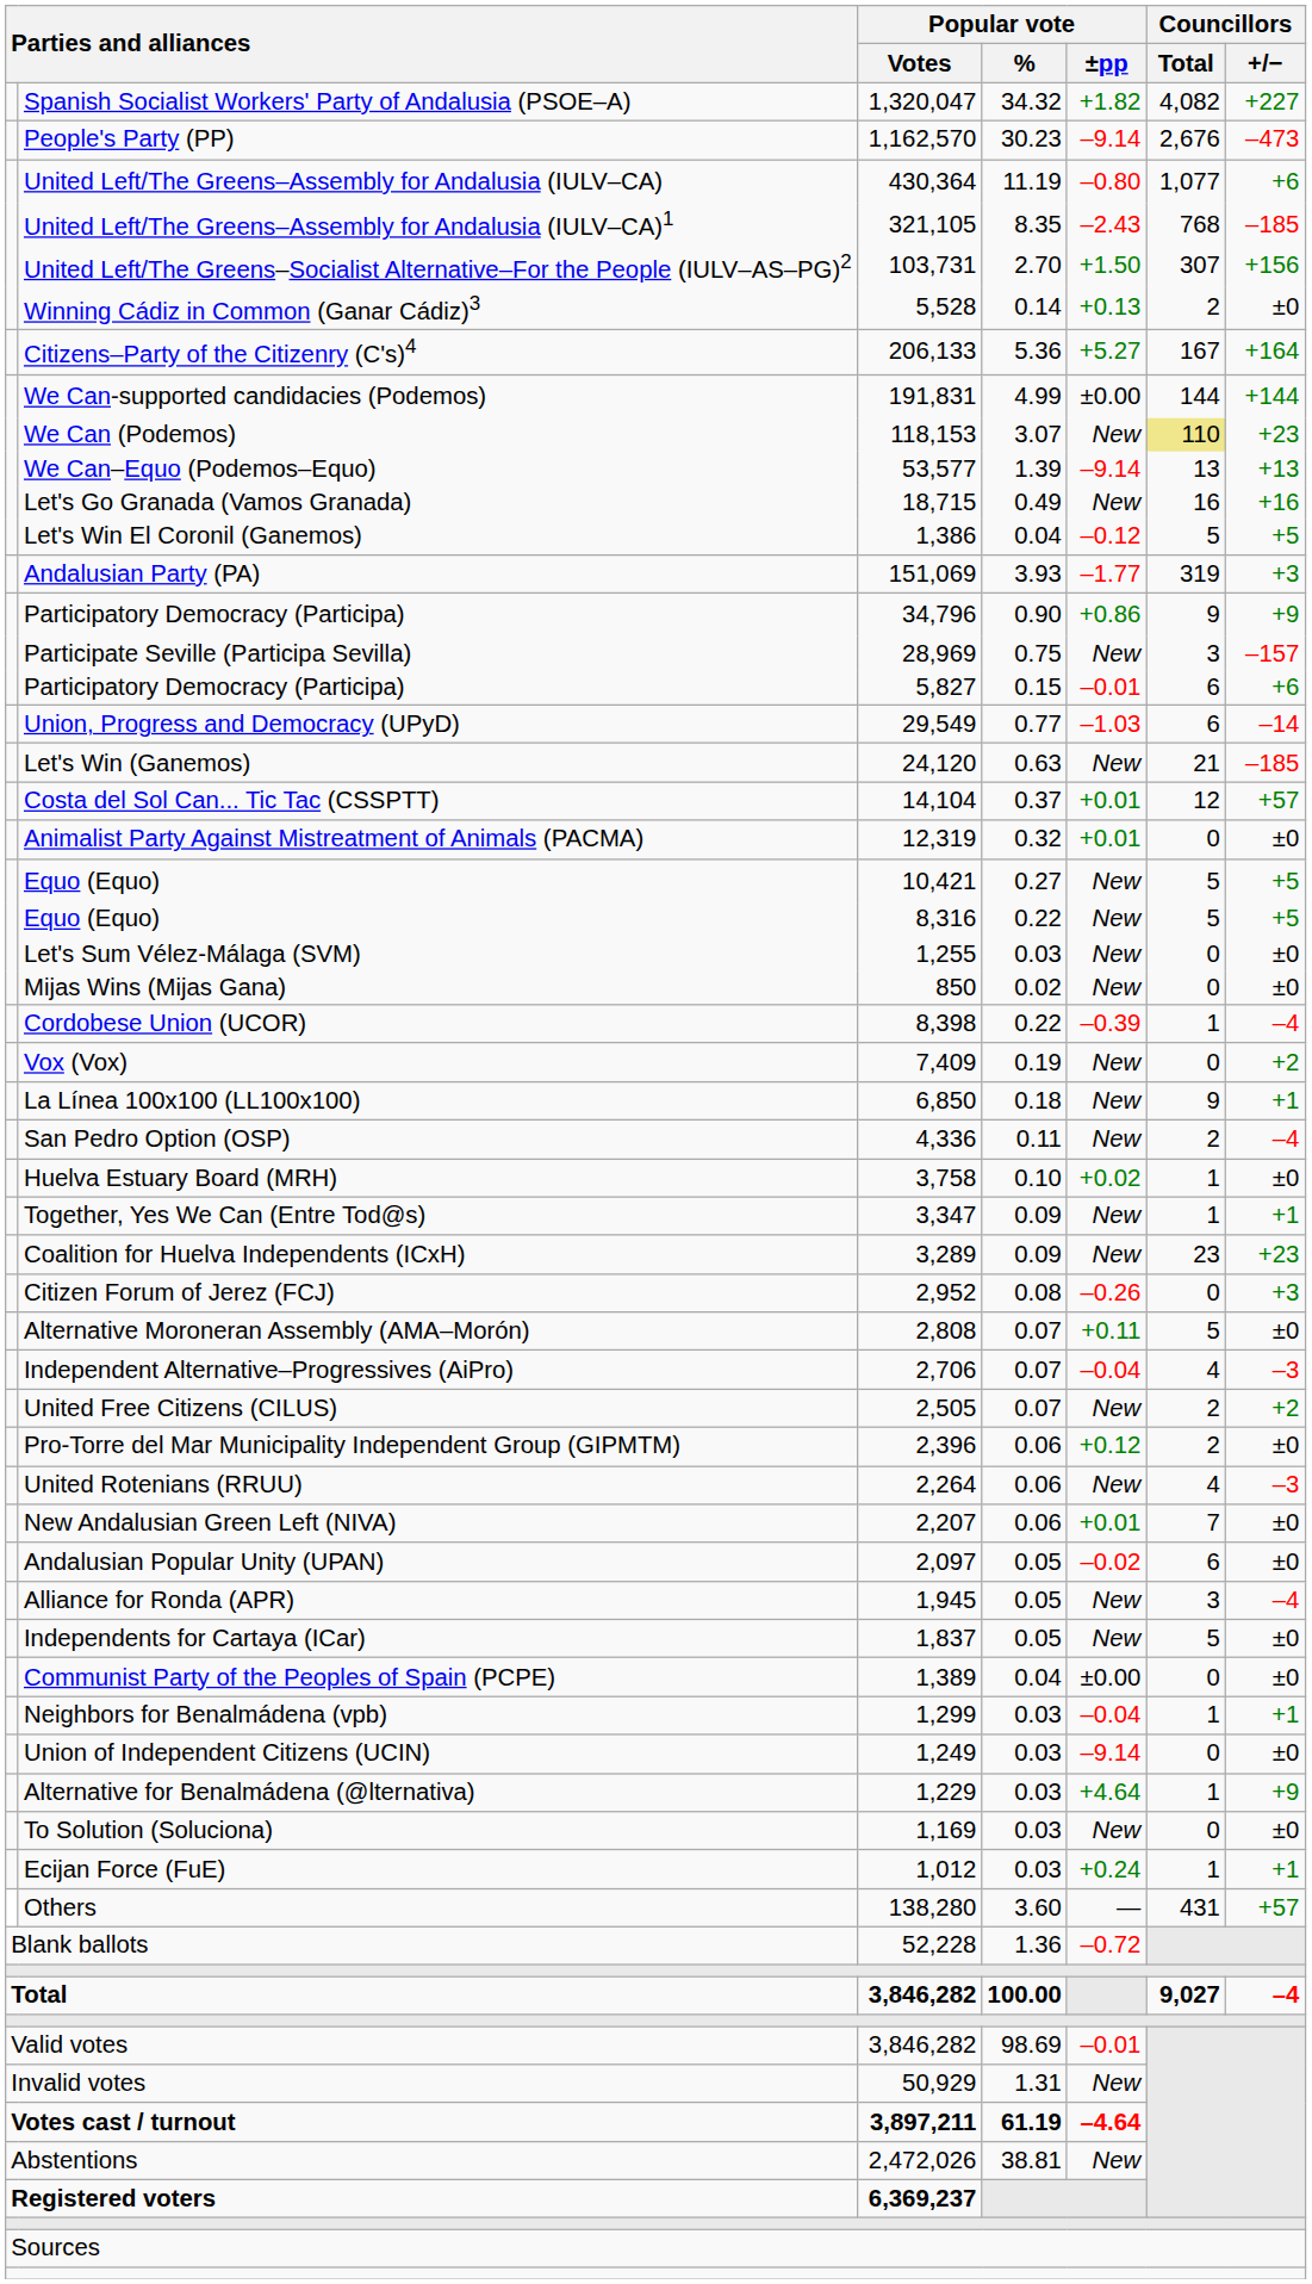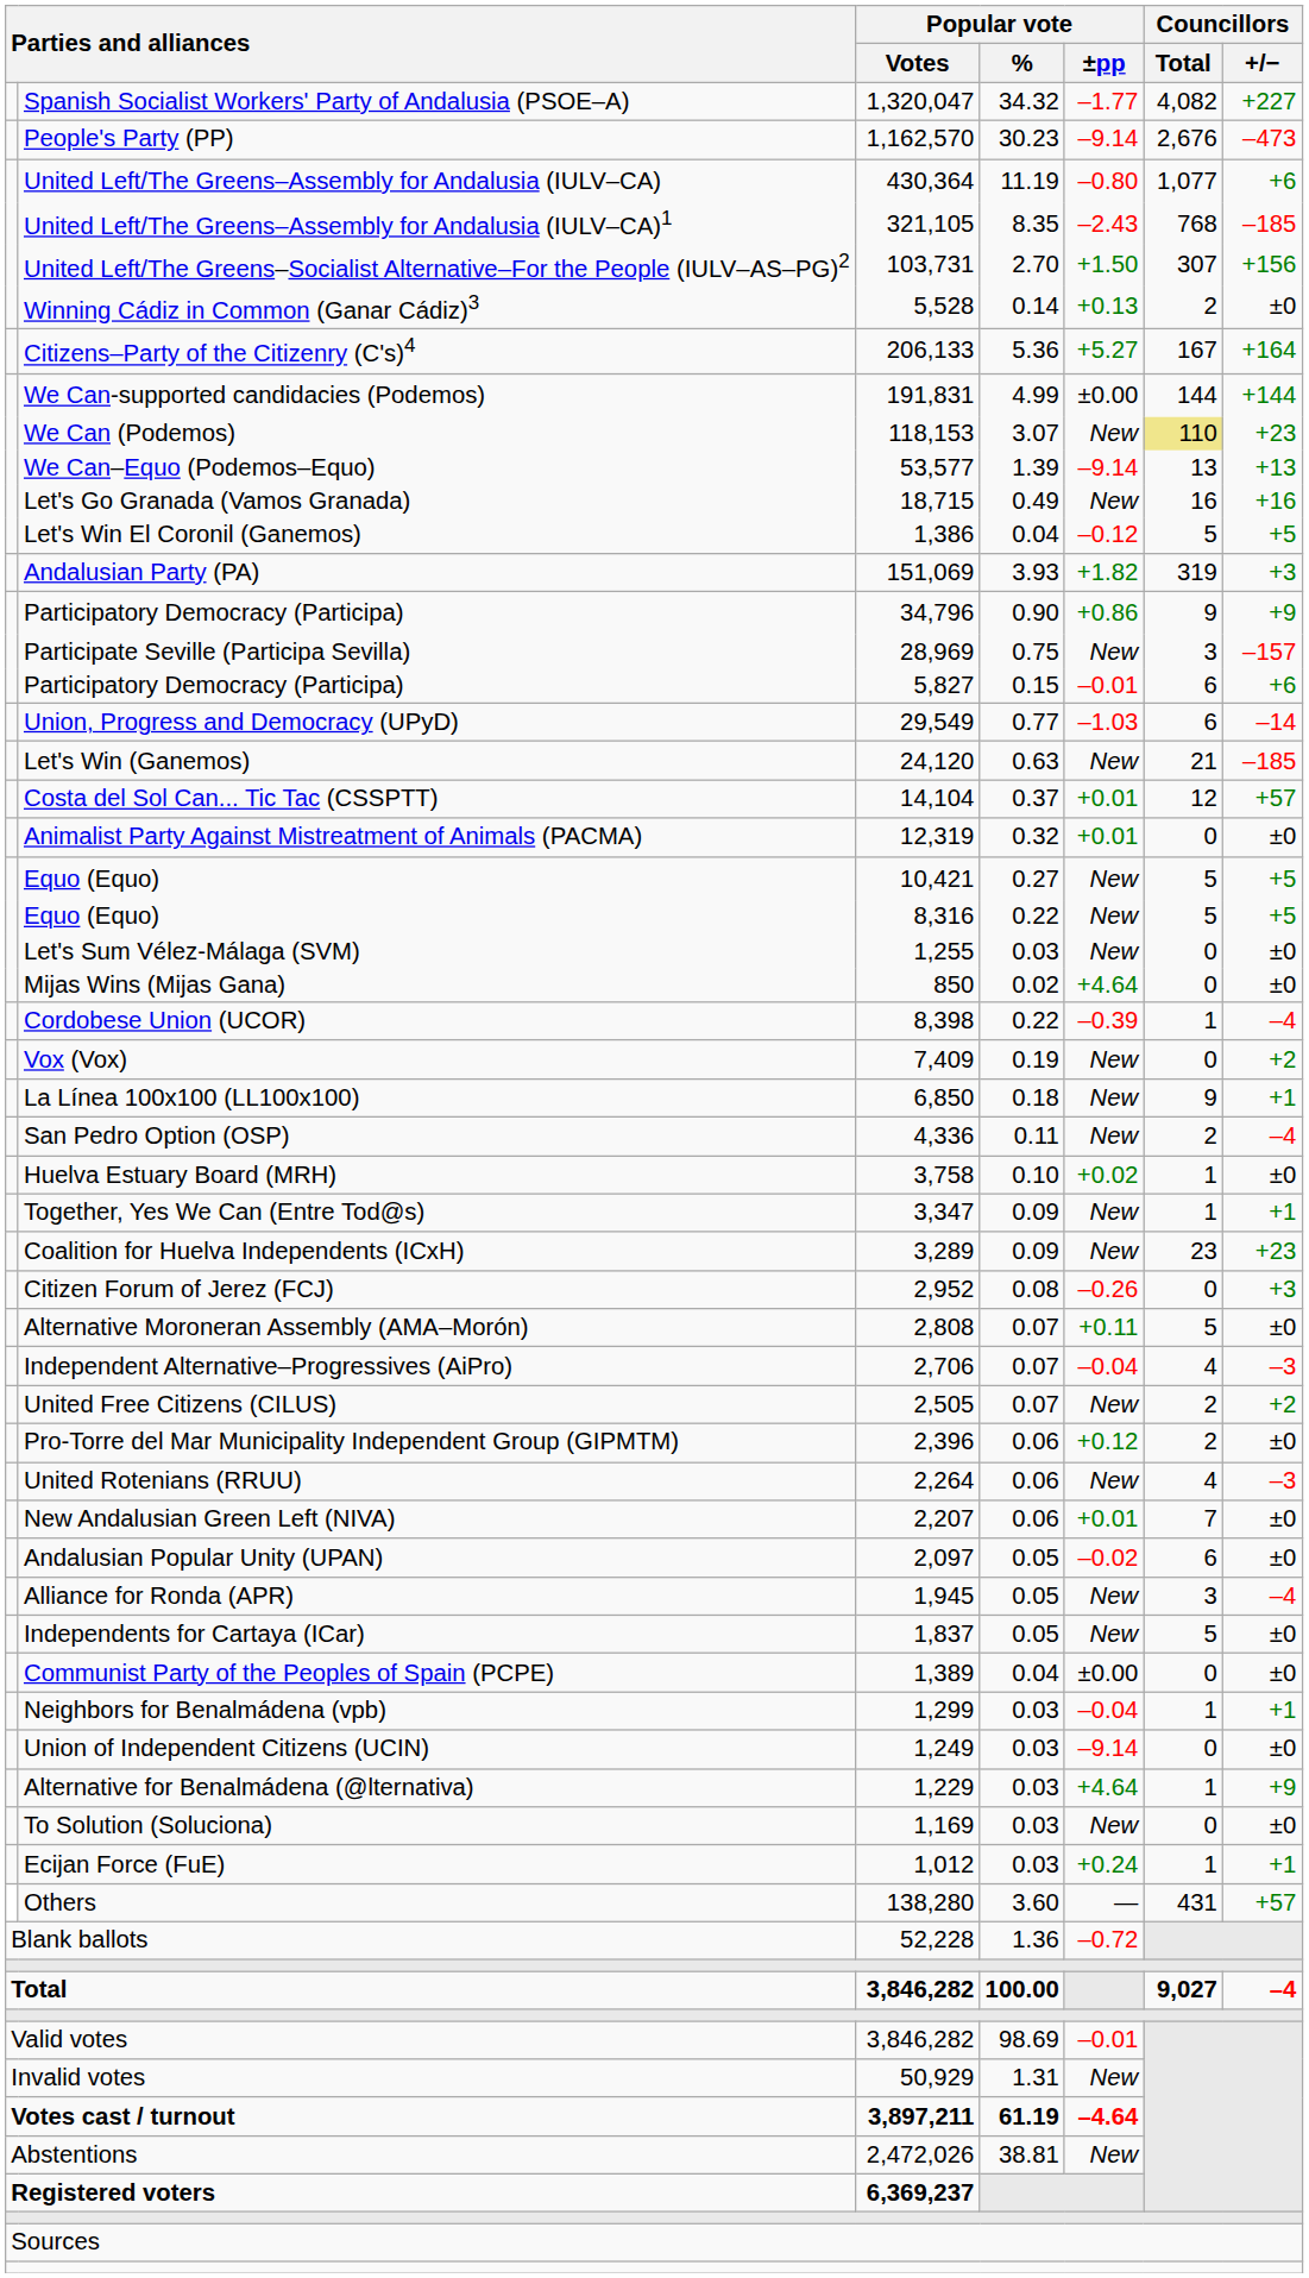 <table class="wikitable" style="text-align:right;">
 <tr>
 <th style="text-align:left;" rowspan="2" colspan="2" width="525">Parties and alliances</th>
 <th colspan="3">Popular vote</th>
 <th colspan="2">Councillors</th>
 </tr>
 <tr>
 <th width="75">Votes</th>
 <th width="45">%</th>
 <th width="45">±<a href='#'>pp</a></th>
 <th width="45">Total</th>
 <th width="45">+/−</th>
 </tr>
 <tr>
 <td width="1" style="color:inherit;background:"></td>
 <td align="left"><a href='#'>Spanish Socialist Workers' Party of Andalusia</a> (PSOE–A)</td>
 <td>1,320,047</td>
 <td>34.32</td>
-<td style="color:green;">+1.82</td>
+<td style="color:red;">–1.77</td>
 <td>4,082</td>
 <td style="color:green;">+227</td>
 </tr>
 <tr>
 <td style="color:inherit;background:"></td>
 <td align="left"><a href='#'>People's Party</a> (PP)</td>
 <td>1,162,570</td>
 <td>30.23</td>
 <td style="color:red;">–9.14</td>
 <td>2,676</td>
 <td style="color:red;">–473</td>
 </tr>
 <tr style="line-height:22px;">
 <td rowspan="4" style="color:inherit;background:"></td>
 <td align="left"><a href='#'>United Left/The Greens–Assembly for Andalusia</a> (IULV–CA)</td>
 <td>430,364</td>
 <td>11.19</td>
 <td style="color:red;">–0.80</td>
 <td>1,077</td>
 <td style="color:green;">+6</td>
 </tr>
 <tr style="border-bottom-style:hidden; border-top-style:hidden; line-height:16px;">
 <td align="left"><span><a href='#'>United Left/The Greens–Assembly for Andalusia</a> (IULV–CA)<sup>1</sup></span></td>
 <td>321,105</td>
 <td>8.35</td>
 <td style="color:red;">–2.43</td>
 <td>768</td>
 <td style="color:red;">–185</td>
 </tr>
 <tr style="border-bottom-style:hidden; line-height:16px;">
 <td align="left"><span><a href='#'>United Left/The Greens</a>–<a href='#'>Socialist Alternative–For the People</a> (IULV–AS–PG)<sup>2</sup></span></td>
 <td>103,731</td>
 <td>2.70</td>
 <td style="color:green;">+1.50</td>
 <td>307</td>
 <td style="color:green;">+156</td>
 </tr>
 <tr style="line-height:16px;">
 <td align="left"><span><a href='#'>Winning Cádiz in Common</a> (Ganar Cádiz)<sup>3</sup></span></td>
 <td>5,528</td>
 <td>0.14</td>
 <td style="color:green;">+0.13</td>
 <td>2</td>
 <td>±0</td>
 </tr>
 <tr>
 <td style="color:inherit;background:"></td>
 <td align="left"><a href='#'>Citizens–Party of the Citizenry</a> (C's)<sup>4</sup></td>
 <td>206,133</td>
 <td>5.36</td>
 <td style="color:green;">+5.27</td>
 <td>167</td>
 <td style="color:green;">+164</td>
 </tr>
 <tr style="line-height:22px;">
 <td rowspan="5" style="color:inherit;background:"></td>
 <td align="left"><a href='#'>We Can</a>-supported candidacies (Podemos)</td>
 <td>191,831</td>
 <td>4.99</td>
 <td>±0.00</td>
 <td>144</td>
 <td style="color:green;">+144</td>
 </tr>
 <tr style="border-bottom-style:hidden; border-top-style:hidden; line-height:16px;">
 <td align="left"><span><a href='#'>We Can</a> (Podemos)</span></td>
 <td>118,153</td>
 <td>3.07</td>
 <td><em>New</em></td>
 <td style="background: khaki;">110</td>
 <td style="color:green;">+23</td>
 </tr>
 <tr style="border-bottom-style:hidden; line-height:16px;">
 <td align="left"><span><a href='#'>We Can</a>–<a href='#'>Equo</a> (Podemos–Equo)</span></td>
 <td>53,577</td>
 <td>1.39</td>
 <td style="color:red;">–9.14</td>
 <td>13</td>
 <td style="color:green;">+13</td>
 </tr>
 <tr style="border-bottom-style:hidden; line-height:16px;">
 <td align="left"><span>Let's Go Granada (Vamos Granada)</span></td>
 <td>18,715</td>
 <td>0.49</td>
 <td><em>New</em></td>
 <td>16</td>
 <td style="color:green;">+16</td>
 </tr>
 <tr style="line-height:16px;">
 <td align="left"><span>Let's Win El Coronil (Ganemos)</span></td>
 <td>1,386</td>
 <td>0.04</td>
 <td style="color:red;">–0.12</td>
 <td>5</td>
 <td style="color:green;">+5</td>
 </tr>
 <tr>
 <td style="color:inherit;background:"></td>
 <td align="left"><a href='#'>Andalusian Party</a> (PA)</td>
 <td>151,069</td>
 <td>3.93</td>
-<td style="color:red;">–1.77</td>
+<td style="color:green;">+1.82</td>
 <td>319</td>
 <td style="color:green;">+3</td>
 </tr>
 <tr style="line-height:22px;">
 <td rowspan="3" style="color:inherit;background:"></td>
 <td align="left">Participatory Democracy (Participa)</td>
 <td>34,796</td>
 <td>0.90</td>
 <td style="color:green;">+0.86</td>
 <td>9</td>
 <td style="color:green;">+9</td>
 </tr>
 <tr style="border-bottom-style:hidden; border-top-style:hidden; line-height:16px;">
 <td align="left"><span>Participate Seville (Participa Sevilla)</span></td>
 <td>28,969</td>
 <td>0.75</td>
 <td><em>New</em></td>
 <td>3</td>
 <td style="color:red;">–157</td>
 </tr>
 <tr style="line-height:16px;">
 <td align="left"><span>Participatory Democracy (Participa)</span></td>
 <td>5,827</td>
 <td>0.15</td>
 <td style="color:red;">–0.01</td>
 <td>6</td>
 <td style="color:green;">+6</td>
 </tr>
 <tr>
 <td style="color:inherit;background:"></td>
 <td align="left"><a href='#'>Union, Progress and Democracy</a> (UPyD)</td>
 <td>29,549</td>
 <td>0.77</td>
 <td style="color:red;">–1.03</td>
 <td>6</td>
 <td style="color:red;">–14</td>
 </tr>
 <tr>
 <td style="color:inherit;background:"></td>
 <td align="left">Let's Win (Ganemos)</td>
 <td>24,120</td>
 <td>0.63</td>
 <td><em>New</em></td>
 <td>21</td>
 <td style="color:red;">–185</td>
 </tr>
 <tr>
 <td style="color:inherit;background:"></td>
 <td align="left"><a href='#'>Costa del Sol Can... Tic Tac</a> (CSSPTT)</td>
 <td>14,104</td>
 <td>0.37</td>
 <td style="color:green;">+0.01</td>
 <td>12</td>
 <td style="color:green;">+57</td>
 </tr>
 <tr>
 <td style="color:inherit;background:"></td>
 <td align="left"><a href='#'>Animalist Party Against Mistreatment of Animals</a> (PACMA)</td>
 <td>12,319</td>
 <td>0.32</td>
 <td style="color:green;">+0.01</td>
 <td>0</td>
 <td>±0</td>
 </tr>
 <tr style="line-height:22px;">
 <td rowspan="4" style="color:inherit;background:"></td>
 <td align="left"><a href='#'>Equo</a> (Equo)</td>
 <td>10,421</td>
 <td>0.27</td>
 <td><em>New</em></td>
 <td>5</td>
 <td style="color:green;">+5</td>
 </tr>
 <tr style="border-bottom-style:hidden; border-top-style:hidden; line-height:16px;">
 <td align="left"><span><a href='#'>Equo</a> (Equo)</span></td>
 <td>8,316</td>
 <td>0.22</td>
 <td><em>New</em></td>
 <td>5</td>
 <td style="color:green;">+5</td>
 </tr>
 <tr style="border-bottom-style:hidden; line-height:16px;">
 <td align="left"><span>Let's Sum Vélez-Málaga (SVM)</span></td>
 <td>1,255</td>
 <td>0.03</td>
 <td><em>New</em></td>
 <td>0</td>
 <td>±0</td>
 </tr>
 <tr style="line-height:16px;">
 <td align="left"><span>Mijas Wins (Mijas Gana)</span></td>
 <td>850</td>
 <td>0.02</td>
-<td><em>New</em></td>
+<td style="color:green;">+4.64</td>
 <td>0</td>
 <td>±0</td>
 </tr>
 <tr>
 <td style="color:inherit;background:"></td>
 <td align="left"><a href='#'>Cordobese Union</a> (UCOR)</td>
 <td>8,398</td>
 <td>0.22</td>
 <td style="color:red;">–0.39</td>
 <td>1</td>
 <td style="color:red;">–4</td>
 </tr>
 <tr>
 <td style="color:inherit;background:"></td>
 <td align="left"><a href='#'>Vox</a> (Vox)</td>
 <td>7,409</td>
 <td>0.19</td>
 <td><em>New</em></td>
 <td>0</td>
 <td style="color:green;">+2</td>
 </tr>
 <tr>
 <td style="color:inherit;background:"></td>
 <td align="left">La Línea 100x100 (LL100x100)</td>
 <td>6,850</td>
 <td>0.18</td>
 <td><em>New</em></td>
 <td>9</td>
 <td style="color:green;">+1</td>
 </tr>
 <tr>
 <td style="color:inherit;background:"></td>
 <td align="left">San Pedro Option (OSP)</td>
 <td>4,336</td>
 <td>0.11</td>
 <td><em>New</em></td>
 <td>2</td>
 <td style="color:red;">–4</td>
 </tr>
 <tr>
 <td style="color:inherit;background:"></td>
 <td align="left">Huelva Estuary Board (MRH)</td>
 <td>3,758</td>
 <td>0.10</td>
 <td style="color:green;">+0.02</td>
 <td>1</td>
 <td>±0</td>
 </tr>
 <tr>
 <td style="color:inherit;background:"></td>
 <td align="left">Together, Yes We Can (Entre Tod@s)</td>
 <td>3,347</td>
 <td>0.09</td>
 <td><em>New</em></td>
 <td>1</td>
 <td style="color:green;">+1</td>
 </tr>
 <tr>
 <td style="color:inherit;background:"></td>
 <td align="left">Coalition for Huelva Independents (ICxH)</td>
 <td>3,289</td>
 <td>0.09</td>
 <td><em>New</em></td>
 <td>23</td>
 <td style="color:green;">+23</td>
 </tr>
 <tr>
 <td style="color:inherit;background:"></td>
 <td align="left">Citizen Forum of Jerez (FCJ)</td>
 <td>2,952</td>
 <td>0.08</td>
 <td style="color:red;">–0.26</td>
 <td>0</td>
 <td style="color:green;">+3</td>
 </tr>
 <tr>
 <td style="color:inherit;background:"></td>
 <td align="left">Alternative Moroneran Assembly (AMA–Morón)</td>
 <td>2,808</td>
 <td>0.07</td>
 <td style="color:green;">+0.11</td>
 <td>5</td>
 <td>±0</td>
 </tr>
 <tr>
 <td style="color:inherit;background:"></td>
 <td align="left">Independent Alternative–Progressives (AiPro)</td>
 <td>2,706</td>
 <td>0.07</td>
 <td style="color:red;">–0.04</td>
 <td>4</td>
 <td style="color:red;">–3</td>
 </tr>
 <tr>
 <td style="color:inherit;background:"></td>
 <td align="left">United Free Citizens (CILUS)</td>
 <td>2,505</td>
 <td>0.07</td>
 <td><em>New</em></td>
 <td>2</td>
 <td style="color:green;">+2</td>
 </tr>
 <tr>
 <td style="color:inherit;background:"></td>
 <td align="left">Pro-Torre del Mar Municipality Independent Group (GIPMTM)</td>
 <td>2,396</td>
 <td>0.06</td>
 <td style="color:green;">+0.12</td>
 <td>2</td>
 <td>±0</td>
 </tr>
 <tr>
 <td style="color:inherit;background:"></td>
 <td align="left">United Rotenians (RRUU)</td>
 <td>2,264</td>
 <td>0.06</td>
 <td><em>New</em></td>
 <td>4</td>
 <td style="color:red;">–3</td>
 </tr>
 <tr>
 <td style="color:inherit;background:"></td>
 <td align="left">New Andalusian Green Left (NIVA)</td>
 <td>2,207</td>
 <td>0.06</td>
 <td style="color:green;">+0.01</td>
 <td>7</td>
 <td>±0</td>
 </tr>
 <tr>
 <td style="color:inherit;background:"></td>
 <td align="left">Andalusian Popular Unity (UPAN)</td>
 <td>2,097</td>
 <td>0.05</td>
 <td style="color:red;">–0.02</td>
 <td>6</td>
 <td>±0</td>
 </tr>
 <tr>
 <td style="color:inherit;background:"></td>
 <td align="left">Alliance for Ronda (APR)</td>
 <td>1,945</td>
 <td>0.05</td>
 <td><em>New</em></td>
 <td>3</td>
 <td style="color:red;">–4</td>
 </tr>
 <tr>
 <td style="color:inherit;background:"></td>
 <td align="left">Independents for Cartaya (ICar)</td>
 <td>1,837</td>
 <td>0.05</td>
 <td><em>New</em></td>
 <td>5</td>
 <td>±0</td>
 </tr>
 <tr>
 <td style="color:inherit;background:"></td>
 <td align="left"><a href='#'>Communist Party of the Peoples of Spain</a> (PCPE)</td>
 <td>1,389</td>
 <td>0.04</td>
 <td>±0.00</td>
 <td>0</td>
 <td>±0</td>
 </tr>
 <tr>
 <td style="color:inherit;background:"></td>
 <td align="left">Neighbors for Benalmádena (vpb)</td>
 <td>1,299</td>
 <td>0.03</td>
 <td style="color:red;">–0.04</td>
 <td>1</td>
 <td style="color:green;">+1</td>
 </tr>
 <tr>
 <td style="color:inherit;background:"></td>
 <td align="left">Union of Independent Citizens (UCIN)</td>
 <td>1,249</td>
 <td>0.03</td>
 <td style="color:red;">–9.14</td>
 <td>0</td>
 <td>±0</td>
 </tr>
 <tr>
 <td style="color:inherit;background:"></td>
 <td align="left">Alternative for Benalmádena (@lternativa)</td>
 <td>1,229</td>
 <td>0.03</td>
 <td style="color:green;">+4.64</td>
 <td>1</td>
 <td style="color:green;">+9</td>
 </tr>
 <tr>
 <td style="color:inherit;background:"></td>
 <td align="left">To Solution (Soluciona)</td>
 <td>1,169</td>
 <td>0.03</td>
 <td><em>New</em></td>
 <td>0</td>
 <td>±0</td>
 </tr>
 <tr>
 <td style="color:inherit;background:"></td>
 <td align="left">Ecijan Force (FuE)</td>
 <td>1,012</td>
 <td>0.03</td>
 <td style="color:green;">+0.24</td>
 <td>1</td>
 <td style="color:green;">+1</td>
 </tr>
 <tr>
 <td bgcolor="white"></td>
 <td align="left">Others</td>
 <td>138,280</td>
 <td>3.60</td>
 <td>—</td>
 <td>431</td>
 <td style="color:green;">+57</td>
 </tr>
 <tr>
 <td align="left" colspan="2">Blank ballots</td>
 <td>52,228</td>
 <td>1.36</td>
 <td style="color:red;">–0.72</td>
 <td bgcolor="#E9E9E9" colspan="2"></td>
 </tr>
 <tr>
 <td colspan="7" bgcolor="#E9E9E9"></td>
 </tr>
 <tr style="font-weight:bold;">
 <td align="left" colspan="2">Total</td>
 <td>3,846,282</td>
 <td>100.00</td>
 <td bgcolor="#E9E9E9"></td>
 <td>9,027</td>
 <td style="color:red;">–4</td>
 </tr>
 <tr>
 <td colspan="7" bgcolor="#E9E9E9"></td>
 </tr>
 <tr>
 <td align="left" colspan="2">Valid votes</td>
 <td>3,846,282</td>
 <td>98.69</td>
 <td style="color:red;">–0.01</td>
 <td bgcolor="#E9E9E9" colspan="2" rowspan="5"></td>
 </tr>
 <tr>
 <td align="left" colspan="2">Invalid votes</td>
 <td>50,929</td>
 <td>1.31</td>
 <td><em>New</em></td>
 </tr>
 <tr style="font-weight:bold;">
 <td align="left" colspan="2">Votes cast / turnout</td>
 <td>3,897,211</td>
 <td>61.19</td>
 <td style="color:red;">–4.64</td>
 </tr>
 <tr>
 <td align="left" colspan="2">Abstentions</td>
 <td>2,472,026</td>
 <td>38.81</td>
 <td><em>New</em></td>
 </tr>
 <tr style="font-weight:bold;">
 <td align="left" colspan="2">Registered voters</td>
 <td>6,369,237</td>
 <td bgcolor="#E9E9E9" colspan="2"></td>
 </tr>
 <tr>
 <td colspan="7" bgcolor="#E9E9E9"></td>
 </tr>
 <tr>
 <td align="left" colspan="7">Sources</td>
 </tr>
 <tr>
 <td colspan="7" style="text-align:left; max-width:790px;"></td>
 </tr>
 </table>
